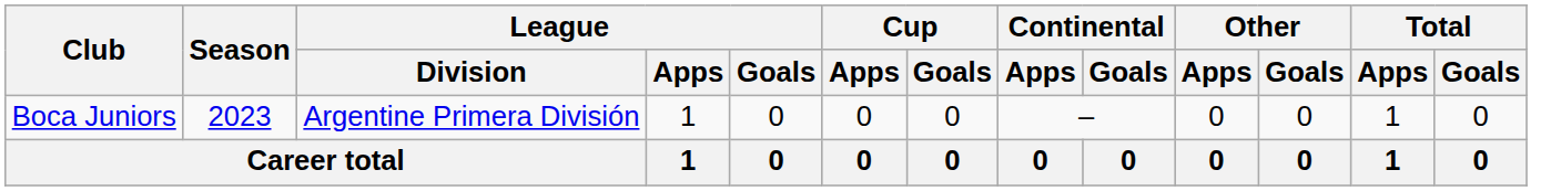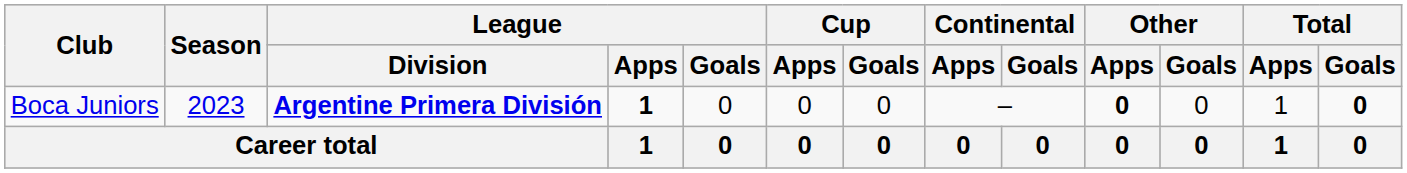 <table class=wikitable style=text-align:center>
 <tr>
 <th rowspan=2>Club</th>
 <th rowspan=2>Season</th>
 <th colspan=3>League</th>
 <th colspan=2>Cup</th>
 <th colspan=2>Continental</th>
 <th colspan=2>Other</th>
 <th colspan=2>Total</th>
 </tr>
 <tr>
 <th>Division</th>
 <th>Apps</th>
 <th>Goals</th>
 <th>Apps</th>
 <th>Goals</th>
 <th>Apps</th>
 <th>Goals</th>
 <th>Apps</th>
 <th>Goals</th>
 <th>Apps</th>
 <th>Goals</th>
 </tr>
 <tr>
 <td><a href='#'>Boca Juniors</a></td>
 <td><a href='#'>2023</a></td>
-<td><a href='#'>Argentine Primera División</a></td>
-<td>1</td>
+<td><strong><a href='#'>Argentine Primera División</a></strong></td>
+<td><strong>1</strong></td>
 <td>0</td>
 <td>0</td>
 <td>0</td>
 <td colspan=2>–</td>
-<td>0</td>
+<td><strong>0</strong></td>
 <td>0</td>
 <td>1</td>
-<td>0</td>
+<td><strong>0</strong></td>
 </tr>
 <tr>
 <th colspan=3>Career total</th>
 <th>1</th>
 <th>0</th>
 <th>0</th>
 <th>0</th>
 <th>0</th>
 <th>0</th>
 <th>0</th>
 <th>0</th>
 <th>1</th>
 <th>0</th>
 </tr>
 </table>
